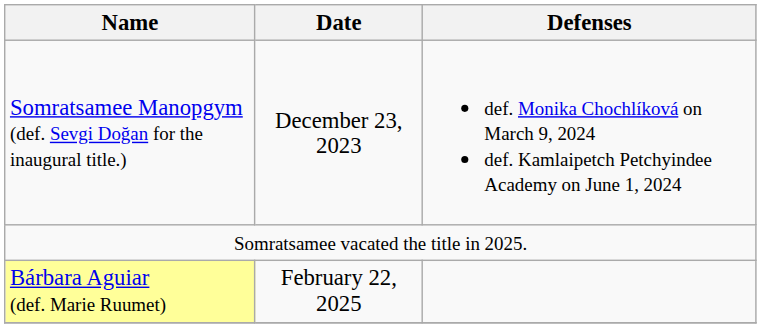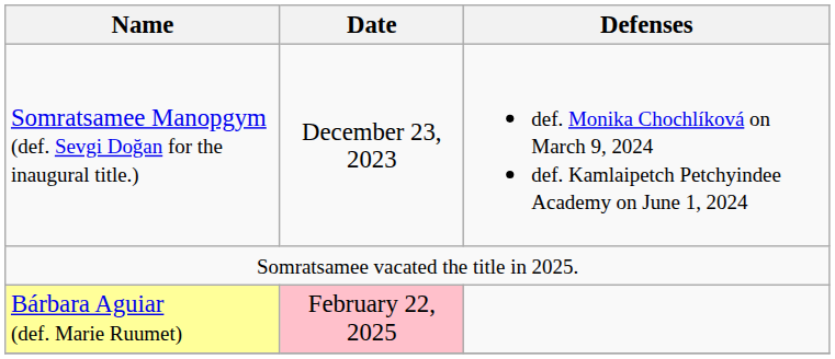 <table class="wikitable" width=60%>
 <tr>
 <th width=30%>Name</th>
 <th width=20%>Date</th>
 <th width=40%>Defenses</th>
 </tr>
 <tr>
 <td align=left> <a href='#'>Somratsamee Manopgym</a> <br><small>(def. <a href='#'>Sevgi Doğan</a> for the inaugural title.)</small></td>
 <td align=center>December 23, 2023</td>
 <td><br><ul><li><small>def. <a href='#'>Monika Chochlíková</a> on March 9, 2024</small></li><li><small>def. Kamlaipetch Petchyindee Academy on June 1, 2024</small></li></ul></td>
 </tr>
 <tr>
 <td colspan=4 align=center><small>Somratsamee vacated the title in 2025.</small></td>
 </tr>
 <tr>
 <td align=left bgcolor="#FFFF99"> <a href='#'>Bárbara Aguiar</a> <br><small>(def. Marie Ruumet)</small></td>
-<td align=center>February 22, 2025</td>
+<td align=center style="background: pink;">February 22, 2025</td>
 <td></td>
 </tr>
 <tr>
 </tr>
 </table>
